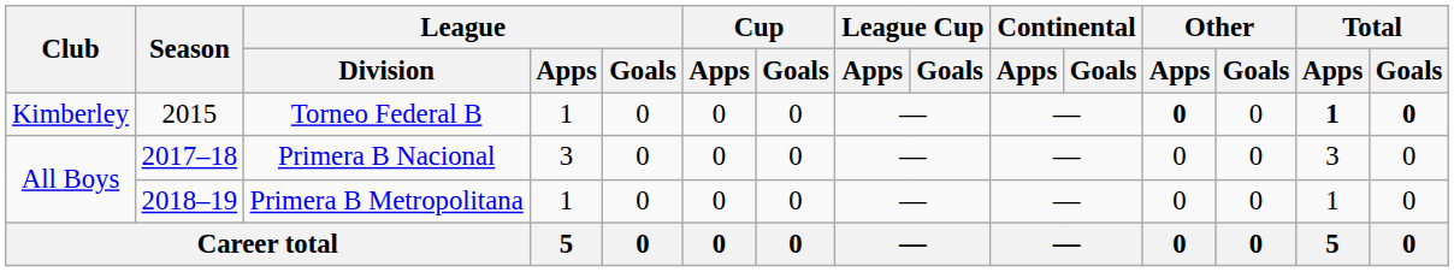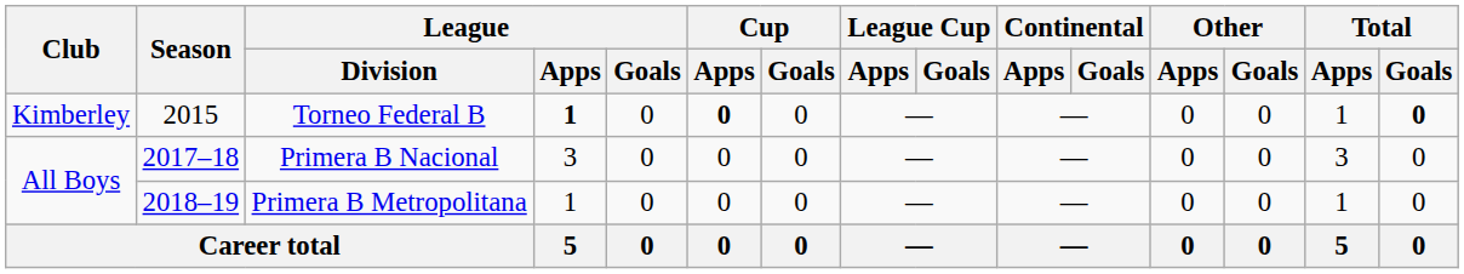 <table class="wikitable" style="text-align:center">
 <tr>
 <th rowspan="2">Club</th>
 <th rowspan="2">Season</th>
 <th colspan="3">League</th>
 <th colspan="2">Cup</th>
 <th colspan="2">League Cup</th>
 <th colspan="2">Continental</th>
 <th colspan="2">Other</th>
 <th colspan="2">Total</th>
 </tr>
 <tr>
 <th>Division</th>
 <th>Apps</th>
 <th>Goals</th>
 <th>Apps</th>
 <th>Goals</th>
 <th>Apps</th>
 <th>Goals</th>
 <th>Apps</th>
 <th>Goals</th>
 <th>Apps</th>
 <th>Goals</th>
 <th>Apps</th>
 <th>Goals</th>
 </tr>
 <tr>
 <td rowspan="1"><a href='#'>Kimberley</a></td>
 <td>2015</td>
 <td rowspan="1"><a href='#'>Torneo Federal B</a></td>
-<td>1</td>
+<td><strong>1</strong></td>
 <td>0</td>
-<td>0</td>
+<td><strong>0</strong></td>
 <td>0</td>
 <td colspan="2">—</td>
 <td colspan="2">—</td>
-<td><strong>0</strong></td>
 <td>0</td>
-<td><strong>1</strong></td>
+<td>0</td>
+<td>1</td>
 <td><strong>0</strong></td>
 </tr>
 <tr>
 <td rowspan="2"><a href='#'>All Boys</a></td>
 <td><a href='#'>2017–18</a></td>
 <td rowspan="1"><a href='#'>Primera B Nacional</a></td>
 <td>3</td>
 <td>0</td>
 <td>0</td>
 <td>0</td>
 <td colspan="2">—</td>
 <td colspan="2">—</td>
 <td>0</td>
 <td>0</td>
 <td>3</td>
 <td>0</td>
 </tr>
 <tr>
 <td><a href='#'>2018–19</a></td>
 <td rowspan="1"><a href='#'>Primera B Metropolitana</a></td>
 <td>1</td>
 <td>0</td>
 <td>0</td>
 <td>0</td>
 <td colspan="2">—</td>
 <td colspan="2">—</td>
 <td>0</td>
 <td>0</td>
 <td>1</td>
 <td>0</td>
 </tr>
 <tr>
 <th colspan="3">Career total</th>
 <th>5</th>
 <th>0</th>
 <th>0</th>
 <th>0</th>
 <th colspan="2">—</th>
 <th colspan="2">—</th>
 <th>0</th>
 <th>0</th>
 <th>5</th>
 <th>0</th>
 </tr>
 </table>
